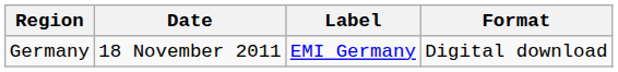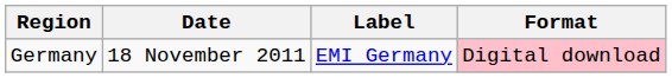 <table class=wikitable>
 <tr>
 <th>Region</th>
 <th>Date</th>
 <th>Label</th>
 <th>Format</th>
 </tr>
 <tr>
 <td rowspan="2">Germany</td>
 <td>18 November 2011</td>
 <td><a href='#'>EMI Germany</a></td>
-<td>Digital download</td>
+<td style="background: pink;">Digital download</td>
 </tr>
 </table>
